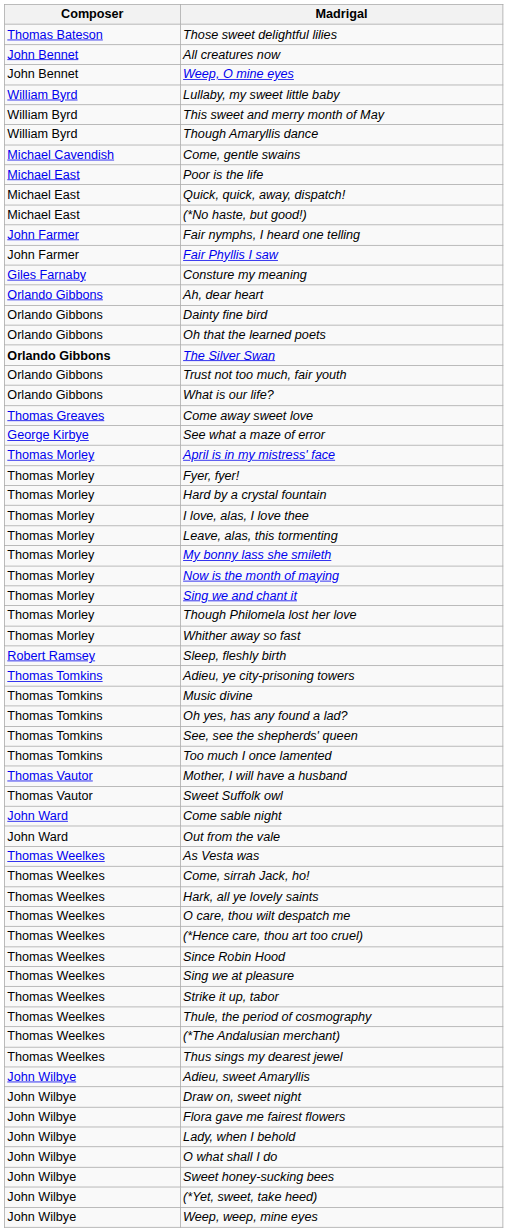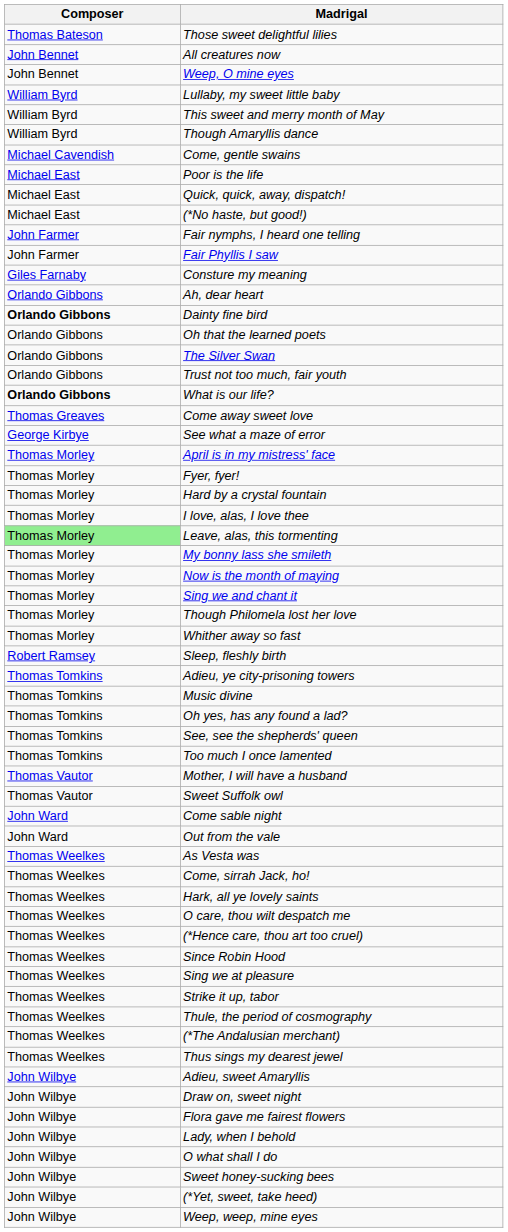 <table class="wikitable sortable" style="min-width:50%">
 <tr>
 <th>Composer</th>
 <th>Madrigal</th>
 </tr>
 <tr>
 <td><a href='#'>Thomas Bateson</a></td>
 <td><em>Those sweet delightful lilies</em></td>
 </tr>
 <tr>
 <td><a href='#'>John Bennet</a></td>
 <td><em>All creatures now</em></td>
 </tr>
 <tr>
 <td>John Bennet</td>
 <td><em><a href='#'>Weep, O mine eyes</a></em></td>
 </tr>
 <tr>
 <td><a href='#'>William Byrd</a></td>
 <td><em>Lullaby, my sweet little baby</em></td>
 </tr>
 <tr>
 <td>William Byrd</td>
 <td><em>This sweet and merry month of May</em></td>
 </tr>
 <tr>
 <td>William Byrd</td>
 <td><em>Though Amaryllis dance</em></td>
 </tr>
 <tr>
 <td><a href='#'>Michael Cavendish</a></td>
 <td><em>Come, gentle swains</em></td>
 </tr>
 <tr>
 <td><a href='#'>Michael East</a></td>
 <td><em>Poor is the life</em></td>
 </tr>
 <tr>
 <td>Michael East</td>
 <td><em>Quick, quick, away, dispatch!</em></td>
 </tr>
 <tr>
 <td>Michael East</td>
 <td><em>(*No haste, but good!)</em></td>
 </tr>
 <tr>
 <td><a href='#'>John Farmer</a></td>
 <td><em>Fair nymphs, I heard one telling</em></td>
 </tr>
 <tr>
 <td>John Farmer</td>
 <td><em><a href='#'>Fair Phyllis I saw</a></em></td>
 </tr>
 <tr>
 <td><a href='#'>Giles Farnaby</a></td>
 <td><em>Consture my meaning</em></td>
 </tr>
 <tr>
 <td><a href='#'>Orlando Gibbons</a></td>
 <td><em>Ah, dear heart</em></td>
 </tr>
 <tr>
-<td>Orlando  Gibbons</td>
+<td><strong>Orlando  Gibbons</strong></td>
 <td><em>Dainty fine bird</em></td>
 </tr>
 <tr>
 <td>Orlando  Gibbons</td>
 <td><em>Oh that the learned  poets</em></td>
 </tr>
 <tr>
-<td><strong>Orlando  Gibbons</strong></td>
+<td>Orlando  Gibbons</td>
 <td><em><a href='#'>The Silver Swan</a></em></td>
 </tr>
 <tr>
 <td>Orlando  Gibbons</td>
 <td><em>Trust not too much, fair youth</em></td>
 </tr>
 <tr>
-<td>Orlando  Gibbons</td>
+<td><strong>Orlando  Gibbons</strong></td>
 <td><em>What is our  life?</em></td>
 </tr>
 <tr>
 <td><a href='#'>Thomas Greaves</a></td>
 <td><em>Come away sweet love</em></td>
 </tr>
 <tr>
 <td><a href='#'>George Kirbye</a></td>
 <td><em>See what a maze of error</em></td>
 </tr>
 <tr>
 <td><a href='#'>Thomas Morley</a></td>
 <td><em><a href='#'>April is in my mistress' face</a></em></td>
 </tr>
 <tr>
 <td>Thomas Morley</td>
 <td><em> Fyer, fyer!</em></td>
 </tr>
 <tr>
 <td>Thomas Morley</td>
 <td><em>Hard by a   crystal   fountain</em></td>
 </tr>
 <tr>
 <td>Thomas Morley</td>
 <td><em> I love, alas, I love thee</em></td>
 </tr>
 <tr>
-<td>Thomas Morley</td>
+<td style="background: lightgreen;">Thomas Morley</td>
 <td><em>Leave, alas, this   tormenting</em></td>
 </tr>
 <tr>
 <td>Thomas Morley</td>
 <td><em><a href='#'>My bonny lass she smileth</a></em></td>
 </tr>
 <tr>
 <td>Thomas Morley</td>
 <td><em><a href='#'>Now is the month of maying</a></em></td>
 </tr>
 <tr>
 <td>Thomas Morley</td>
 <td><em><a href='#'>Sing we and chant it</a></em></td>
 </tr>
 <tr>
 <td>Thomas Morley</td>
 <td><em>Though Philomela lost her love</em></td>
 </tr>
 <tr>
 <td>Thomas Morley</td>
 <td><em>Whither away so fast</em></td>
 </tr>
 <tr>
 <td><a href='#'>Robert Ramsey</a></td>
 <td><em> Sleep, fleshly birth</em></td>
 </tr>
 <tr>
 <td><a href='#'>Thomas Tomkins</a></td>
 <td><em>Adieu,  ye city-prisoning towers</em></td>
 </tr>
 <tr>
 <td>Thomas    Tomkins</td>
 <td><em>Music divine</em></td>
 </tr>
 <tr>
 <td>Thomas    Tomkins</td>
 <td><em>Oh yes,   has  any   found a  lad?</em></td>
 </tr>
 <tr>
 <td>Thomas    Tomkins</td>
 <td><em>See, see the shepherds' queen</em></td>
 </tr>
 <tr>
 <td>Thomas    Tomkins</td>
 <td><em>Too much I once     lamented</em></td>
 </tr>
 <tr>
 <td><a href='#'>Thomas Vautor</a></td>
 <td><em>Mother, I will have a husband</em></td>
 </tr>
 <tr>
 <td>Thomas Vautor</td>
 <td><em>Sweet Suffolk owl</em></td>
 </tr>
 <tr>
 <td><a href='#'>John Ward</a></td>
 <td><em>Come sable night</em></td>
 </tr>
 <tr>
 <td>John Ward</td>
 <td><em>Out from the vale</em></td>
 </tr>
 <tr>
 <td><a href='#'>Thomas Weelkes</a></td>
 <td><em> As Vesta was</em></td>
 </tr>
 <tr>
 <td>Thomas     Weelkes</td>
 <td><em>Come, sirrah Jack, ho!</em></td>
 </tr>
 <tr>
 <td>Thomas     Weelkes</td>
 <td><em>Hark, all ye    lovely   saints</em></td>
 </tr>
 <tr>
 <td>Thomas     Weelkes</td>
 <td><em>O   care, thou wilt despatch me</em></td>
 </tr>
 <tr>
 <td>Thomas     Weelkes</td>
 <td><em>(*Hence care, thou art    too   cruel)</em></td>
 </tr>
 <tr>
 <td>Thomas     Weelkes</td>
 <td><em> Since  Robin Hood</em></td>
 </tr>
 <tr>
 <td>Thomas     Weelkes</td>
 <td><em>Sing we at pleasure</em></td>
 </tr>
 <tr>
 <td>Thomas     Weelkes</td>
 <td><em>Strike it up,    tabor</em></td>
 </tr>
 <tr>
 <td>Thomas     Weelkes</td>
 <td><em>Thule,  the period  of cosmography</em></td>
 </tr>
 <tr>
 <td>Thomas     Weelkes</td>
 <td><em> (*The Andalusian merchant)</em></td>
 </tr>
 <tr>
 <td>Thomas     Weelkes</td>
 <td><em>Thus   sings  my dearest jewel</em></td>
 </tr>
 <tr>
 <td><a href='#'>John Wilbye</a></td>
 <td><em>Adieu, sweet    Amaryllis</em></td>
 </tr>
 <tr>
 <td>John Wilbye</td>
 <td><em> Draw  on, sweet night</em></td>
 </tr>
 <tr>
 <td>John Wilbye</td>
 <td><em> Flora gave me  fairest  flowers</em></td>
 </tr>
 <tr>
 <td>John Wilbye</td>
 <td><em>Lady,    when I  behold</em></td>
 </tr>
 <tr>
 <td>John Wilbye</td>
 <td><em>O  what shall I  do</em></td>
 </tr>
 <tr>
 <td>John Wilbye</td>
 <td><em> Sweet  honey-sucking  bees</em></td>
 </tr>
 <tr>
 <td>John Wilbye</td>
 <td><em>(*Yet,    sweet,  take heed)</em></td>
 </tr>
 <tr>
 <td>John Wilbye</td>
 <td><em> Weep,  weep, mine  eyes</em></td>
 </tr>
 </table>
